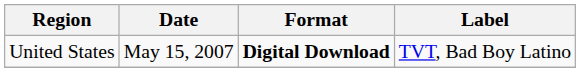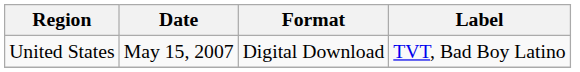 <table class=wikitable>
 <tr>
 <th>Region</th>
 <th>Date</th>
 <th>Format</th>
 <th>Label</th>
 </tr>
 <tr>
 <td>United States</td>
 <td>May 15, 2007</td>
-<td><strong>Digital Download</strong></td>
+<td>Digital Download</td>
 <td><a href='#'>TVT</a>, Bad Boy Latino</td>
 </tr>
 <tr>
 </tr>
 </table>
